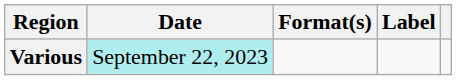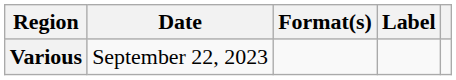 <table class="wikitable plainrowheaders">
 <tr>
 <th scope="col">Region</th>
 <th scope="col">Date</th>
 <th scope="col">Format(s)</th>
 <th scope="col">Label</th>
 <th scope="col"></th>
 </tr>
 <tr>
 <th scope="row" rowspan="2">Various</th>
-<td style="background: paleturquoise;">September 22, 2023</td>
+<td>September 22, 2023</td>
 <td></td>
 <td rowspan="2"></td>
 <td align="center"></td>
 </tr>
 </table>
